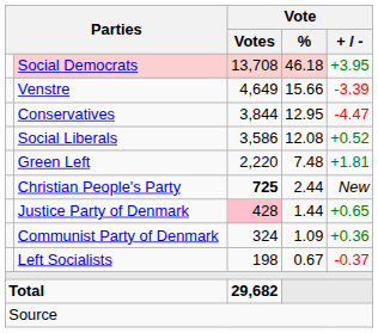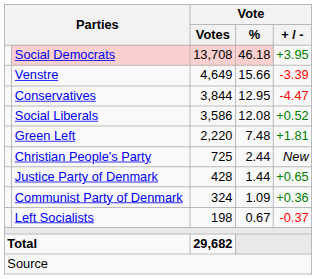 <table class="wikitable" style="text-align:right;">
 <tr>
 <th style="text-align:centre;" rowspan="2" colspan="2" width="225">Parties</th>
 <th colspan="3">Vote</th>
 </tr>
 <tr>
 <th width="15">Votes</th>
 <th width="15">%</th>
 <th width="15">+ / -</th>
 </tr>
 <tr>
 <td width="2" style="color:inherit;background:"></td>
 <td bgcolor=#fbd0ce  align="left"><a href='#'>Social Democrats</a></td>
 <td bgcolor=#fbd0ce>13,708</td>
 <td bgcolor=#fbd0ce>46.18</td>
 <td style=color:green;>+3.95</td>
 </tr>
 <tr>
 <td width="2" style="color:inherit;background:"></td>
 <td align="left"><a href='#'>Venstre</a></td>
 <td>4,649</td>
 <td>15.66</td>
 <td style=color:red;>-3.39</td>
 </tr>
 <tr>
 <td width="2" style="color:inherit;background:"></td>
 <td align="left"><a href='#'>Conservatives</a></td>
 <td>3,844</td>
 <td>12.95</td>
 <td style=color:red;>-4.47</td>
 </tr>
 <tr>
 <td width="2" style="color:inherit;background:"></td>
 <td align="left"><a href='#'>Social Liberals</a></td>
 <td>3,586</td>
 <td>12.08</td>
 <td style=color:green;>+0.52</td>
 </tr>
 <tr>
 <td width="2" style="color:inherit;background:"></td>
 <td align="left"><a href='#'>Green Left</a></td>
 <td>2,220</td>
 <td>7.48</td>
 <td style=color:green;>+1.81</td>
 </tr>
 <tr>
 <td width="2" style="color:inherit;background:"></td>
 <td align="left"><a href='#'>Christian People's Party</a></td>
-<td><strong>725</strong></td>
+<td>725</td>
 <td>2.44</td>
 <td><em>New</em></td>
 </tr>
 <tr>
 <td width="2" style="color:inherit;background:"></td>
 <td align="left"><a href='#'>Justice Party of Denmark</a></td>
-<td style="background: pink;">428</td>
+<td>428</td>
 <td>1.44</td>
 <td style=color:green;>+0.65</td>
 </tr>
 <tr>
 <td width="2" style="color:inherit;background:"></td>
 <td align="left"><a href='#'>Communist Party of Denmark</a></td>
 <td>324</td>
 <td>1.09</td>
 <td style=color:green;>+0.36</td>
 </tr>
 <tr>
 <td width="2" style="color:inherit;background:"></td>
 <td align="left"><a href='#'>Left Socialists</a></td>
 <td>198</td>
 <td>0.67</td>
 <td style=color:red;>-0.37</td>
 </tr>
 <tr>
 <td colspan="7" bgcolor="#E9E9E9"></td>
 </tr>
 <tr>
 <td align="left" colspan="2"><strong>Total</strong></td>
 <td><strong>29,682</strong></td>
 <td bgcolor="#E9E9E9" colspan="2"></td>
 </tr>
 <tr>
 <td align="left" colspan="6">Source</td>
 </tr>
 </table>
